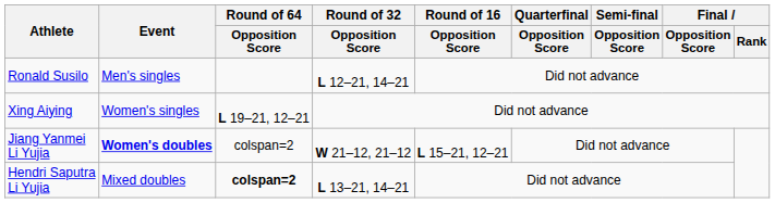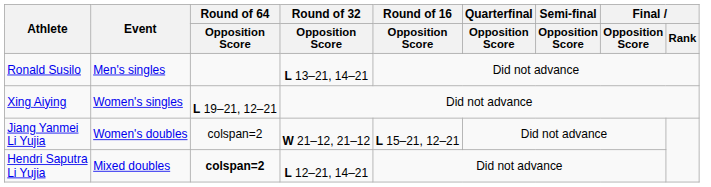 <table class=wikitable style="font-size:90%">
 <tr>
 <th rowspan="2">Athlete</th>
 <th rowspan="2">Event</th>
 <th>Round of 64</th>
 <th>Round of 32</th>
 <th>Round of 16</th>
 <th>Quarterfinal</th>
 <th>Semi-final</th>
 <th colspan=2>Final / </th>
 </tr>
 <tr style="font-size:95%">
 <th>Opposition<br>Score</th>
 <th>Opposition<br>Score</th>
 <th>Opposition<br>Score</th>
 <th>Opposition<br>Score</th>
 <th>Opposition<br>Score</th>
 <th>Opposition<br>Score</th>
 <th>Rank</th>
 </tr>
 <tr align=center>
 <td align=left><a href='#'>Ronald Susilo</a></td>
 <td align=left><a href='#'>Men's singles</a></td>
 <td></td>
-<td><br><strong>L</strong> 12–21, 14–21</td>
+<td><br><strong>L</strong> 13–21, 14–21</td>
 <td colspan=5>Did not advance</td>
 </tr>
 <tr align=center>
 <td align=left><a href='#'>Xing Aiying</a></td>
 <td align=left><a href='#'>Women's singles</a></td>
 <td><br><strong>L</strong> 19–21, 12–21</td>
 <td colspan=6>Did not advance</td>
 </tr>
 <tr align=center>
 <td align=left><a href='#'>Jiang Yanmei</a><br><a href='#'>Li Yujia</a></td>
-<td align=left><strong><a href='#'>Women's doubles</a></strong></td>
+<td align=left><a href='#'>Women's doubles</a></td>
 <td>colspan=2 </td>
 <td><br><strong>W</strong> 21–12, 21–12</td>
 <td><br><strong>L</strong> 15–21, 12–21</td>
 <td colspan=3>Did not advance</td>
 </tr>
 <tr align=center>
 <td align=left><a href='#'>Hendri Saputra</a><br><a href='#'>Li Yujia</a></td>
 <td align=left><a href='#'>Mixed doubles</a></td>
 <td><strong>colspan=2 </strong></td>
-<td><br><strong>L</strong> 13–21, 14–21</td>
+<td><br><strong>L</strong> 12–21, 14–21</td>
 <td colspan=4>Did not advance</td>
 </tr>
 </table>
